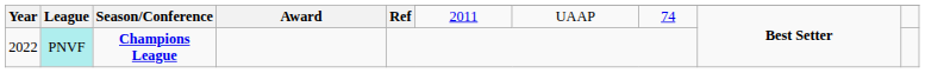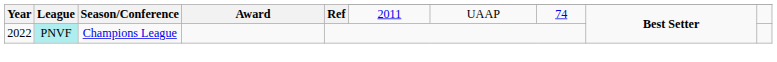 <table class="wikitable sortable" style="text-align:center" width="80%">
 <tr>
 <th style="width:5px;" rowspan="2">Year</th>
 <th style="width:25px;" rowspan="2">League</th>
 <th style="width:100px;" rowspan="2">Season/Conference</th>
 <th style="width:180px;" rowspan="2">Award</th>
 <th style="width:25px;" rowspan="2">Ref</th>
 </tr>
 <tr align=center>
 <td><a href='#'>2011</a></td>
 <td>UAAP</td>
 <td><a href='#'>74</a></td>
 <td rowspan=2><strong>Best Setter</strong></td>
 <td></td>
 </tr>
 <tr align=center>
 <td>2022</td>
 <td style="background: paleturquoise;">PNVF</td>
-<td><strong><a href='#'>Champions League</a></strong></td>
+<td><a href='#'>Champions League</a></td>
 <td></td>
 </tr>
 </table>
